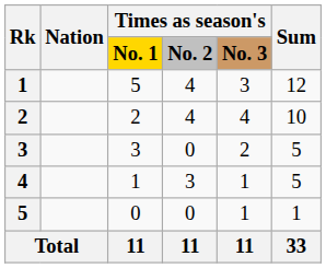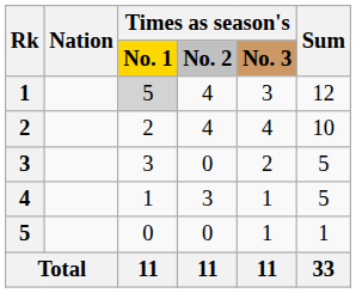 <table class="wikitable sortable" style="text-align: center;">
 <tr>
 <th rowspan="2">Rk</th>
 <th rowspan="2">Nation</th>
 <th colspan="3">Times as season's</th>
 <th rowspan="2">Sum</th>
 </tr>
 <tr>
 <th style="background-color: gold;">No. 1</th>
 <th style="background-color: silver;">No. 2</th>
 <th style="background-color: #cc9966;">No. 3</th>
 </tr>
 <tr>
 <th>1</th>
 <td></td>
-<td>5</td>
+<td style="background: lightgrey;">5</td>
 <td>4</td>
 <td>3</td>
 <td>12</td>
 </tr>
 <tr>
 <th>2</th>
 <td></td>
 <td>2</td>
 <td>4</td>
 <td>4</td>
 <td>10</td>
 </tr>
 <tr>
 <th>3</th>
 <td></td>
 <td>3</td>
 <td>0</td>
 <td>2</td>
 <td>5</td>
 </tr>
 <tr>
 <th>4</th>
 <td></td>
 <td>1</td>
 <td>3</td>
 <td>1</td>
 <td>5</td>
 </tr>
 <tr>
 <th>5</th>
 <td></td>
 <td>0</td>
 <td>0</td>
 <td>1</td>
 <td>1</td>
 </tr>
 <tr class="sortbottom">
 <th colspan="2">Total</th>
 <th>11</th>
 <th>11</th>
 <th>11</th>
 <th>33</th>
 </tr>
 </table>
